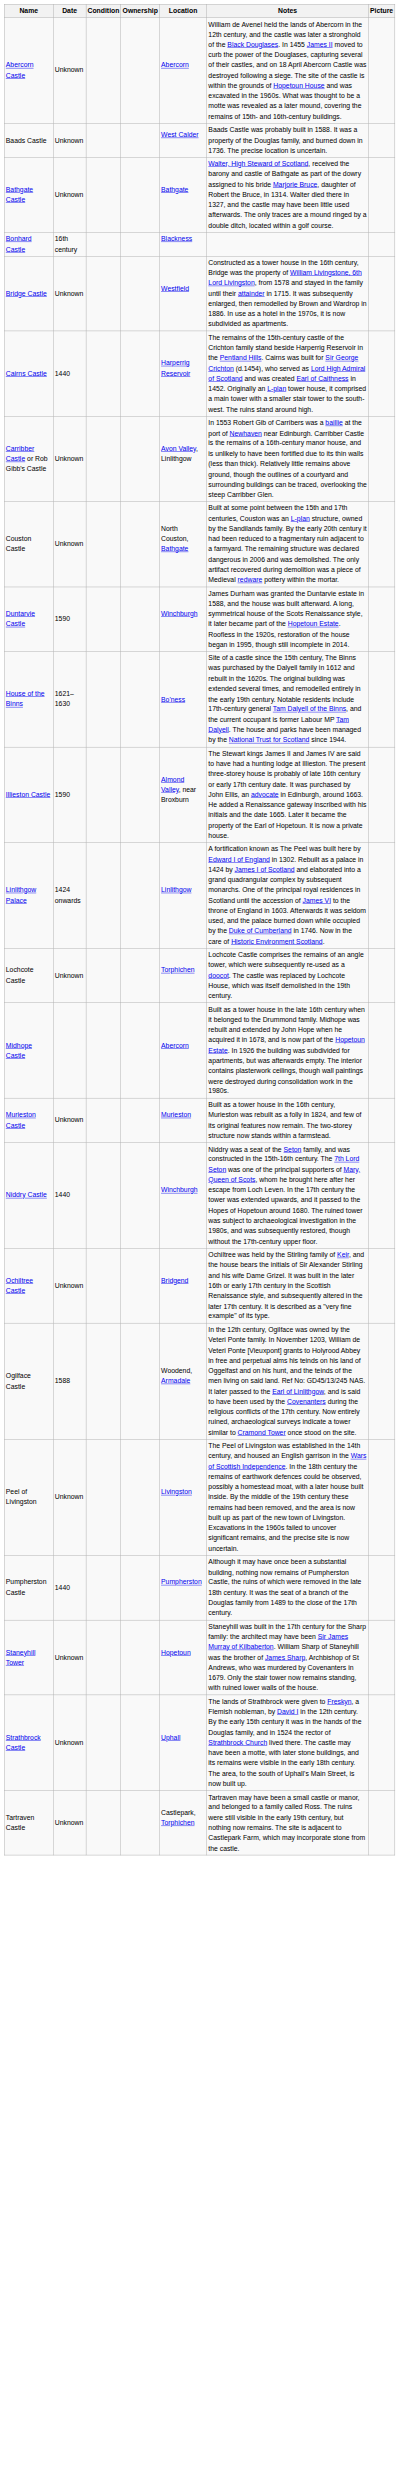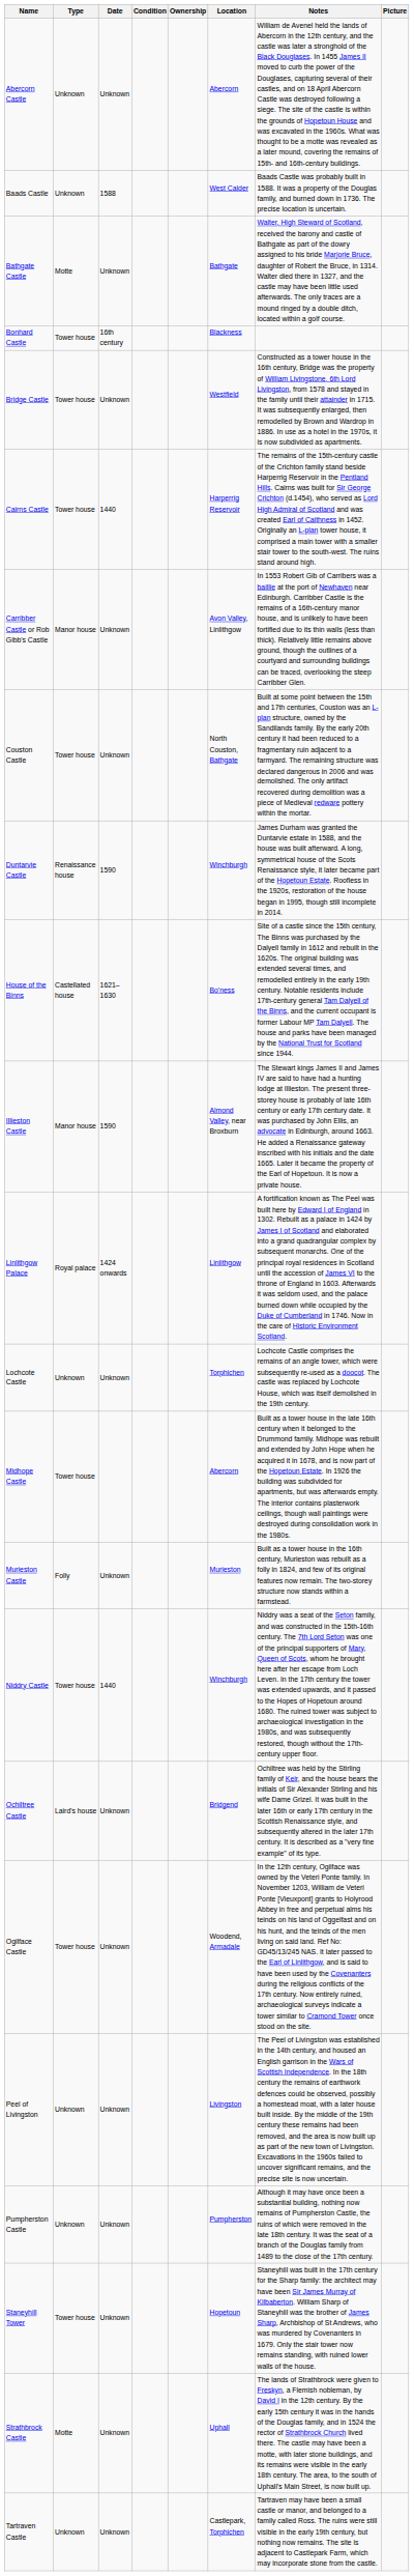 <table class="wikitable sortable" style="font-size:95%;border:0px;text-align:left;line-height:150%;">
 <tr>
 <th>Name</th>
+<th>Type</th>
 <th>Date</th>
 <th>Condition</th>
 <th>Ownership</th>
 <th>Location</th>
 <th class="unsortable">Notes</th>
 <th class=unsortable>Picture</th>
 </tr>
 <tr>
 <td><a href='#'>Abercorn Castle</a></td>
 <td>Unknown</td>
+<td>Unknown</td>
 <td></td>
 <td></td>
 <td><a href='#'>Abercorn</a> <br>  <br> </td>
 <td>William de Avenel held the lands of Abercorn in the 12th century, and the castle was later a stronghold of the <a href='#'>Black Douglases</a>. In 1455 <a href='#'>James II</a> moved to curb the power of the Douglases, capturing several of their castles, and on 18 April Abercorn Castle was destroyed following a siege. The site of the castle is within the grounds of <a href='#'>Hopetoun House</a> and was excavated in the 1960s. What was thought to be a motte was revealed as a later mound, covering the remains of 15th- and 16th-century buildings.</td>
 <td></td>
 </tr>
 <tr>
 <td>Baads Castle</td>
 <td>Unknown</td>
+<td>1588</td>
 <td></td>
 <td></td>
 <td><a href='#'>West Calder</a> <br>  <br> </td>
 <td>Baads Castle was probably built in 1588. It was a property of the Douglas family, and burned down in 1736. The precise location is uncertain.</td>
 <td></td>
 </tr>
 <tr>
 <td><a href='#'>Bathgate Castle</a></td>
+<td>Motte</td>
 <td>Unknown</td>
 <td></td>
 <td></td>
 <td><a href='#'>Bathgate</a> <br>  <br> </td>
 <td><a href='#'>Walter, High Steward of Scotland</a>, received the barony and castle of Bathgate as part of the dowry assigned to his bride <a href='#'>Marjorie Bruce</a>, daughter of Robert the Bruce, in 1314. Walter died there in 1327, and the castle may have been little used afterwards. The only traces are a mound ringed by a double ditch, located within a golf course.</td>
 <td></td>
 </tr>
 <tr>
 <td><a href='#'>Bonhard Castle</a></td>
+<td>Tower house</td>
 <td>16th century</td>
 <td></td>
 <td></td>
 <td><a href='#'>Blackness</a> <br> <br></td>
 <td></td>
 <td></td>
 </tr>
 <tr>
 <td><a href='#'>Bridge Castle</a></td>
+<td>Tower house</td>
 <td>Unknown</td>
 <td></td>
 <td></td>
 <td><a href='#'>Westfield</a> <br>  <br> </td>
 <td>Constructed as a tower house in the 16th century, Bridge was the property of <a href='#'>William Livingstone, 6th Lord Livingston</a>, from 1578 and stayed in the family until their <a href='#'>attainder</a> in 1715. It was subsequently enlarged, then remodelled by Brown and Wardrop in 1886. In use as a hotel in the 1970s, it is now subdivided as apartments.</td>
 <td></td>
 </tr>
 <tr>
 <td><a href='#'>Cairns Castle</a></td>
+<td>Tower house</td>
 <td>1440</td>
 <td></td>
 <td></td>
 <td><a href='#'>Harperrig Reservoir</a> <br>  <br> </td>
 <td>The remains of the 15th-century castle of the Crichton family stand beside Harperrig Reservoir in the <a href='#'>Pentland Hills</a>. Cairns was built for <a href='#'>Sir George Crichton</a> (d.1454), who served as <a href='#'>Lord High Admiral of Scotland</a> and was created <a href='#'>Earl of Caithness</a> in 1452. Originally an <a href='#'>L-plan</a> tower house, it comprised a main tower with a smaller stair tower to the south-west. The ruins stand around  high.</td>
 <td></td>
 </tr>
 <tr>
 <td><a href='#'>Carribber Castle</a> or Rob Gibb's Castle</td>
+<td>Manor house</td>
 <td>Unknown</td>
 <td></td>
 <td></td>
 <td><a href='#'>Avon Valley</a>, Linlithgow <br>  <br> </td>
 <td>In 1553 Robert Gib of Carribers was a <a href='#'>baillie</a> at the port of <a href='#'>Newhaven</a> near Edinburgh. Carribber Castle is the remains of a 16th-century manor house, and is unlikely to have been fortified due to its thin walls (less than  thick). Relatively little remains above ground, though the outlines of a courtyard and surrounding buildings can be traced, overlooking the steep Carribber Glen.</td>
 <td></td>
 </tr>
 <tr>
 <td>Couston Castle</td>
+<td>Tower house</td>
 <td>Unknown</td>
 <td></td>
 <td></td>
 <td>North Couston, <a href='#'>Bathgate</a> <br>  <br> </td>
 <td>Built at some point between the 15th and 17th centuries, Couston was an  <a href='#'>L-plan</a> structure, owned by the Sandilands family. By the early 20th century it had been reduced to a fragmentary ruin adjacent to a farmyard. The remaining structure was declared dangerous in 2006 and was demolished. The only artifact recovered during demolition was a piece of Medieval <a href='#'>redware</a> pottery within the mortar.</td>
 <td></td>
 </tr>
 <tr>
 <td><a href='#'>Duntarvie Castle</a></td>
+<td>Renaissance house</td>
 <td>1590</td>
 <td></td>
 <td></td>
 <td><a href='#'>Winchburgh</a> <br>  <br> </td>
 <td>James Durham was granted the Duntarvie estate in 1588, and the house was built afterward. A long, symmetrical house of the Scots Renaissance style, it later became part of the <a href='#'>Hopetoun Estate</a>. Roofless in the 1920s, restoration of the house began in 1995, though still incomplete in 2014.</td>
 <td></td>
 </tr>
 <tr>
 <td><a href='#'>House of the Binns</a></td>
+<td>Castellated house</td>
 <td>1621–1630</td>
 <td></td>
 <td></td>
 <td><a href='#'>Bo'ness</a></td>
 <td>Site of a castle since the 15th century, The Binns was purchased by the Dalyell family in 1612 and rebuilt in the 1620s. The original building was extended several times, and remodelled entirely in the early 19th century. Notable residents include 17th-century general <a href='#'>Tam Dalyell of the Binns</a>, and the current occupant is former Labour MP <a href='#'>Tam Dalyell</a>. The house and parks have been managed by the <a href='#'>National Trust for Scotland</a> since 1944.</td>
 <td></td>
 </tr>
 <tr>
 <td><a href='#'>Illieston Castle</a></td>
+<td>Manor house</td>
 <td>1590</td>
 <td></td>
 <td></td>
 <td><a href='#'>Almond Valley</a>, near Broxburn <br>  <br> </td>
 <td>The Stewart kings James II and James IV are said to have had a hunting lodge at Illieston. The present three-storey house is probably of late 16th century or early 17th century date. It was purchased by John Ellis, an <a href='#'>advocate</a> in Edinburgh, around 1663. He added a Renaissance gateway inscribed with his initials and the date 1665. Later it became the property of the Earl of Hopetoun. It is now a private house.</td>
 <td></td>
 </tr>
 <tr>
 <td><a href='#'>Linlithgow Palace</a></td>
+<td>Royal palace</td>
 <td>1424 onwards</td>
 <td></td>
 <td></td>
 <td><a href='#'>Linlithgow</a><br><br></td>
 <td>A fortification known as The Peel was built here by <a href='#'>Edward I of England</a> in 1302. Rebuilt as a palace in 1424 by <a href='#'>James I of Scotland</a> and elaborated into a grand quadrangular complex by subsequent monarchs. One of the principal royal residences in Scotland until the accession of <a href='#'>James VI</a> to the throne of England in 1603. Afterwards it was seldom used, and the palace burned down while occupied by the <a href='#'>Duke of Cumberland</a> in 1746. Now in the care of <a href='#'>Historic Environment Scotland</a>.</td>
 <td></td>
 </tr>
 <tr>
 <td>Lochcote Castle</td>
 <td>Unknown</td>
+<td>Unknown</td>
 <td></td>
 <td></td>
 <td><a href='#'>Torphichen</a> <br>  <br> </td>
 <td>Lochcote Castle comprises the remains of an angle tower, which were subsequently re-used as a <a href='#'>doocot</a>. The castle was replaced by Lochcote House, which was itself demolished in the 19th century.</td>
 <td></td>
 </tr>
 <tr>
 <td><a href='#'>Midhope Castle</a></td>
+<td>Tower house</td>
 <td></td>
 <td></td>
 <td></td>
 <td><a href='#'>Abercorn</a> <br>  <br> </td>
 <td>Built as a tower house in the late 16th century when it belonged to the Drummond family.  Midhope was rebuilt and extended by John Hope when he acquired it in 1678, and is now part of the <a href='#'>Hopetoun Estate</a>. In 1926 the building was subdivided for apartments, but was afterwards empty. The interior contains plasterwork ceilings, though wall paintings were destroyed during consolidation work in the 1980s.</td>
 <td></td>
 </tr>
 <tr>
 <td><a href='#'>Murieston Castle</a></td>
+<td>Folly</td>
 <td>Unknown</td>
 <td></td>
 <td></td>
 <td><a href='#'>Murieston</a> <br>  <br> </td>
 <td>Built as a tower house in the 16th century, Murieston was rebuilt as a folly in 1824, and few of its original features now remain. The two-storey structure now stands within a farmstead.</td>
 <td></td>
 </tr>
 <tr>
 <td><a href='#'>Niddry Castle</a></td>
+<td>Tower house</td>
 <td>1440</td>
 <td></td>
 <td></td>
 <td><a href='#'>Winchburgh</a> <br>  <br> </td>
 <td>Niddry was a seat of the <a href='#'>Seton</a> family, and was constructed in the 15th-16th century. The <a href='#'>7th Lord Seton</a> was one of the principal supporters of <a href='#'>Mary, Queen of Scots</a>, whom he brought here after her escape from Loch Leven. In the 17th century the tower was extended upwards, and it passed to the Hopes of Hopetoun around 1680. The ruined tower was subject to archaeological investigation in the 1980s, and was subsequently restored, though without the 17th-century upper floor.</td>
 <td></td>
 </tr>
 <tr>
 <td><a href='#'>Ochiltree Castle</a></td>
+<td>Laird's house</td>
 <td>Unknown</td>
 <td></td>
 <td></td>
 <td><a href='#'>Bridgend</a> <br>  <br> </td>
 <td>Ochiltree was held by the Stirling family of <a href='#'>Keir</a>, and the house bears the initials of Sir Alexander Stirling and his wife Dame Grizel. It was built in the later 16th or early 17th century in the Scottish Renaissance style, and subsequently altered in the later 17th century. It is described as a "very fine example" of its type.</td>
 <td></td>
 </tr>
 <tr>
 <td>Ogilface Castle</td>
-<td>1588</td>
+<td>Tower house</td>
+<td>Unknown</td>
 <td></td>
 <td></td>
 <td>Woodend, <a href='#'>Armadale</a> <br>  <br> </td>
 <td>In the 12th century, Ogilface was owned by the Veteri Ponte family.  In November 1203, William de Veteri Ponte [Vieuxpont] grants to Holyrood Abbey in free and perpetual alms his teinds on his land of Oggelfast and on his hunt, and the teinds of the men living on said land. Ref No: GD45/13/245 NAS. It later passed to the <a href='#'>Earl of Linlithgow</a>, and is said to have been used by the <a href='#'>Covenanters</a> during the religious conflicts of the 17th century. Now entirely ruined, archaeological surveys indicate a tower similar to <a href='#'>Cramond Tower</a> once stood on the site.</td>
 <td></td>
 </tr>
 <tr>
 <td>Peel of Livingston</td>
 <td>Unknown</td>
+<td>Unknown</td>
 <td></td>
 <td></td>
 <td><a href='#'>Livingston</a> <br>  <br> </td>
 <td>The Peel of Livingston was established in the 14th century, and housed an English garrison in the <a href='#'>Wars of Scottish Independence</a>. In the 18th century the remains of earthwork defences could be observed, possibly a homestead moat, with a later house built inside. By the middle of the 19th century these remains had been removed, and the area is now built up as part of the new town of Livingston. Excavations in the 1960s failed to uncover significant remains, and the precise site is now uncertain.</td>
 <td></td>
 </tr>
 <tr>
 <td>Pumpherston Castle</td>
-<td>1440</td>
+<td>Unknown</td>
+<td>Unknown</td>
 <td></td>
 <td></td>
 <td><a href='#'>Pumpherston</a> <br>  <br> </td>
 <td>Although it may have once been a substantial building, nothing now remains of Pumpherston Castle, the ruins of which were removed in the late 18th century. It was the seat of a branch of the Douglas family from 1489 to the close of the 17th century.</td>
 <td></td>
 </tr>
 <tr>
 <td><a href='#'>Staneyhill Tower</a></td>
+<td>Tower house</td>
 <td>Unknown</td>
 <td></td>
 <td></td>
 <td><a href='#'>Hopetoun</a> <br>  <br> </td>
 <td>Staneyhill was built in the 17th century for the Sharp family: the architect may have been <a href='#'>Sir James Murray of Kilbaberton</a>. William Sharp of Staneyhill was the brother of <a href='#'>James Sharp</a>, Archbishop of St Andrews, who was murdered by Covenanters in 1679. Only the stair tower now remains standing, with ruined lower walls of the house.</td>
 <td></td>
 </tr>
 <tr>
 <td><a href='#'>Strathbrock Castle</a></td>
+<td>Motte</td>
 <td>Unknown</td>
 <td></td>
 <td></td>
 <td><a href='#'>Uphall</a> <br>  <br> </td>
 <td>The lands of Strathbrock were given to <a href='#'>Freskyn</a>, a Flemish nobleman, by <a href='#'>David I</a> in the 12th century. By the early 15th century it was in the hands of the Douglas family, and in 1524 the rector of <a href='#'>Strathbrock Church</a> lived there. The castle may have been a motte, with later stone buildings, and its remains were visible in the early 18th century. The area, to the south of Uphall's Main Street, is now built up.</td>
 <td></td>
 </tr>
 <tr>
 <td>Tartraven Castle</td>
 <td>Unknown</td>
+<td>Unknown</td>
 <td></td>
 <td></td>
 <td>Castlepark, <a href='#'>Torphichen</a> <br>  <br> </td>
 <td>Tartraven may have been a small castle or manor, and belonged to a family called Ross. The ruins were still visible in the early 19th century, but nothing now remains. The site is adjacent to Castlepark Farm, which may incorporate stone from the castle.</td>
 <td></td>
 </tr>
 </table>
